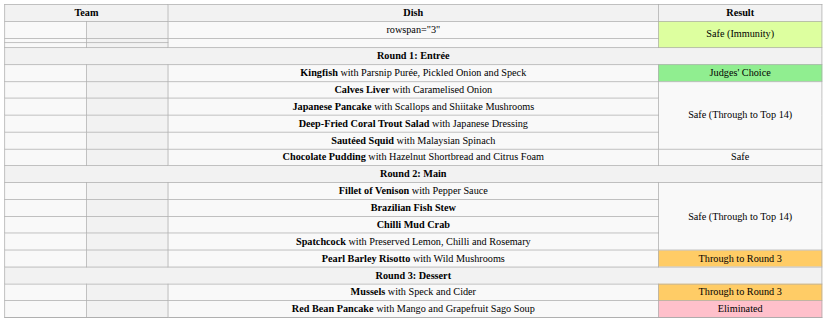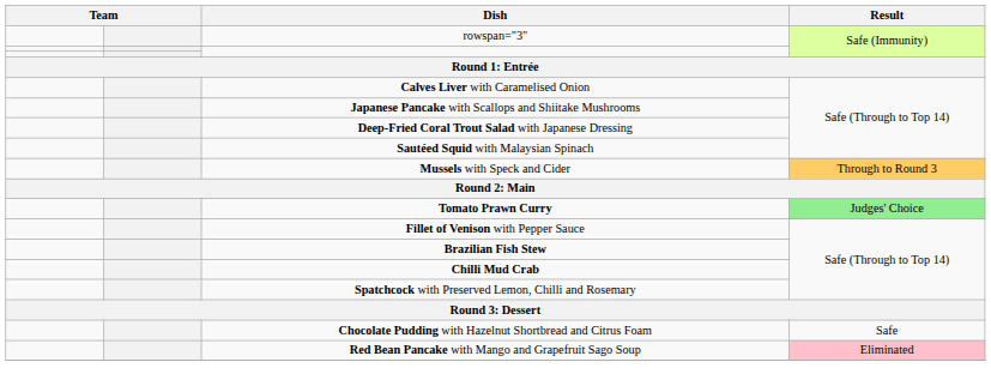 <table class="wikitable plainrowheaders" style="margin:1em auto; text-align:center; font-size:90%; width:80em;">
 <tr>
 <th style="width:20%;" colspan="2">Team</th>
 <th style="width:60%;">Dish</th>
 <th style="width:20%;">Result</th>
 </tr>
 <tr>
 <td></td>
 <th></th>
 <td>rowspan="3" </td>
 <td rowspan="3" bgcolor="DDFF9F">Safe (Immunity)</td>
 </tr>
 <tr>
 <td></td>
 <th></th>
 </tr>
 <tr>
 <td></td>
 <th></th>
 </tr>
 <tr>
 <th colspan="4" >Round 1: Entrée</th>
 </tr>
 <tr>
 <td></td>
 <th></th>
-<td><strong>Kingfish</strong> with Parsnip Purée, Pickled Onion and Speck</td>
-<td style="background:lightgreen">Judges' Choice</td>
-</tr>
-<tr>
-<td></td>
-<th></th>
 <td><strong>Calves Liver</strong> with Caramelised Onion</td>
 <td rowspan="4">Safe (Through to Top 14)</td>
 </tr>
 <tr>
 <td></td>
 <th></th>
 <td><strong>Japanese Pancake</strong> with Scallops and Shiitake Mushrooms</td>
 </tr>
 <tr>
 <td></td>
 <th></th>
 <td><strong>Deep-Fried Coral Trout Salad</strong> with Japanese Dressing</td>
 </tr>
 <tr>
 <td></td>
 <th></th>
 <td><strong>Sautéed Squid</strong> with Malaysian Spinach</td>
 </tr>
 <tr>
 <td></td>
 <th></th>
-<td><strong>Chocolate Pudding</strong> with Hazelnut Shortbread and Citrus Foam</td>
-<td>Safe</td>
+<td><strong>Mussels</strong> with Speck and Cider</td>
+<td bgcolor="FFCC66">Through to Round 3</td>
 </tr>
 <tr>
 <th colspan="4" >Round 2: Main</th>
+</tr>
+<tr>
+<td></td>
+<th></th>
+<td><strong>Tomato Prawn Curry</strong></td>
+<td style="background:lightgreen">Judges' Choice</td>
 </tr>
 <tr>
 <td></td>
 <th></th>
 <td><strong>Fillet of Venison</strong> with Pepper Sauce</td>
 <td rowspan="4">Safe (Through to Top 14)</td>
 </tr>
 <tr>
 <td></td>
 <th></th>
 <td><strong>Brazilian Fish Stew</strong></td>
 </tr>
 <tr>
 <td></td>
 <th></th>
 <td><strong>Chilli Mud Crab</strong></td>
 </tr>
 <tr>
 <td></td>
 <th></th>
 <td><strong>Spatchcock</strong> with Preserved Lemon, Chilli and Rosemary</td>
 </tr>
 <tr>
-<td></td>
-<th></th>
-<td><strong>Pearl Barley Risotto</strong> with Wild Mushrooms</td>
-<td bgcolor="FFCC66">Through to Round 3</td>
-</tr>
-<tr>
 <th colspan="4" >Round 3: Dessert</th>
 </tr>
 <tr>
 <td></td>
 <th></th>
-<td><strong>Mussels</strong> with Speck and Cider</td>
-<td bgcolor="FFCC66">Through to Round 3</td>
+<td><strong>Chocolate Pudding</strong> with Hazelnut Shortbread and Citrus Foam</td>
+<td>Safe</td>
 </tr>
 <tr>
 <td></td>
 <th></th>
 <td><strong>Red Bean Pancake</strong> with Mango and Grapefruit Sago Soup</td>
 <td bgcolor="pink">Eliminated</td>
 </tr>
 <tr>
 </tr>
 </table>
